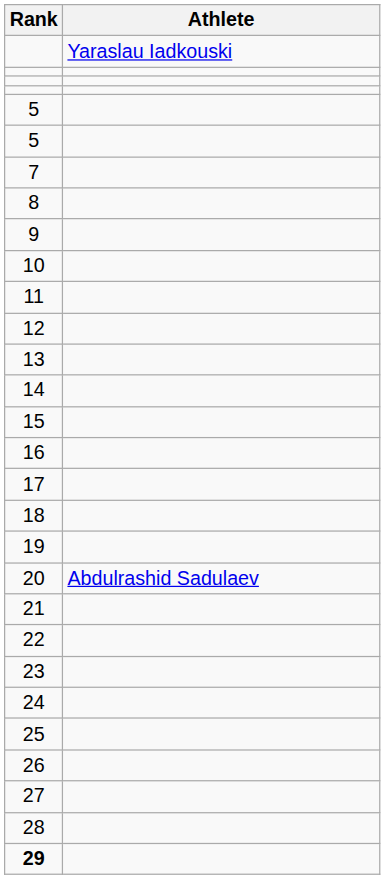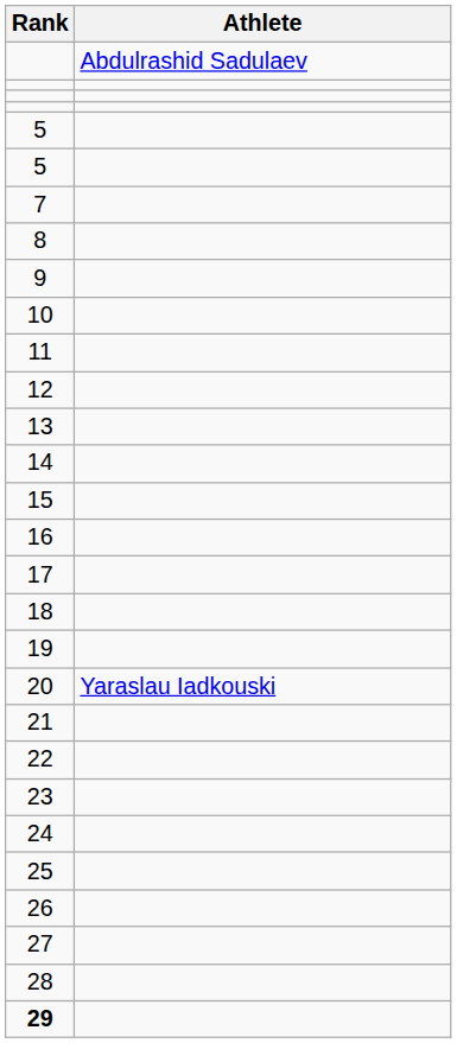 <table class="wikitable" style="text-align: center;">
 <tr>
 <th width=40>Rank</th>
 <th width=250>Athlete</th>
 </tr>
 <tr>
 <td></td>
-<td align="left"> <a href='#'>Yaraslau Iadkouski</a> </td>
+<td align="left"> <a href='#'>Abdulrashid Sadulaev</a> </td>
 </tr>
 <tr>
 <td></td>
 <td align="left"></td>
 </tr>
 <tr>
 <td></td>
 <td align="left"></td>
 </tr>
 <tr>
 <td></td>
 <td align="left"></td>
 </tr>
 <tr>
 <td>5</td>
 <td align="left"></td>
 </tr>
 <tr>
 <td>5</td>
 <td align="left"></td>
 </tr>
 <tr>
 <td>7</td>
 <td align="left"></td>
 </tr>
 <tr>
 <td>8</td>
 <td align="left"></td>
 </tr>
 <tr>
 <td>9</td>
 <td align="left"></td>
 </tr>
 <tr>
 <td>10</td>
 <td align="left"></td>
 </tr>
 <tr>
 <td>11</td>
 <td align="left"></td>
 </tr>
 <tr>
 <td>12</td>
 <td align="left"></td>
 </tr>
 <tr>
 <td>13</td>
 <td align="left"></td>
 </tr>
 <tr>
 <td>14</td>
 <td align="left"></td>
 </tr>
 <tr>
 <td>15</td>
 <td align="left"></td>
 </tr>
 <tr>
 <td>16</td>
 <td align="left"></td>
 </tr>
 <tr>
 <td>17</td>
 <td align="left"></td>
 </tr>
 <tr>
 <td>18</td>
 <td align="left"></td>
 </tr>
 <tr>
 <td>19</td>
 <td align="left"></td>
 </tr>
 <tr>
 <td>20</td>
-<td align="left"> <a href='#'>Abdulrashid Sadulaev</a> </td>
+<td align="left"> <a href='#'>Yaraslau Iadkouski</a> </td>
 </tr>
 <tr>
 <td>21</td>
 <td align="left"></td>
 </tr>
 <tr>
 <td>22</td>
 <td align="left"></td>
 </tr>
 <tr>
 <td>23</td>
 <td align="left"></td>
 </tr>
 <tr>
 <td>24</td>
 <td align="left"></td>
 </tr>
 <tr>
 <td>25</td>
 <td align="left"></td>
 </tr>
 <tr>
 <td>26</td>
 <td align="left"></td>
 </tr>
 <tr>
 <td>27</td>
 <td align="left"></td>
 </tr>
 <tr>
 <td>28</td>
 <td align="left"></td>
 </tr>
 <tr>
 <td><strong>29</strong></td>
 <td align="left"></td>
 </tr>
 </table>
